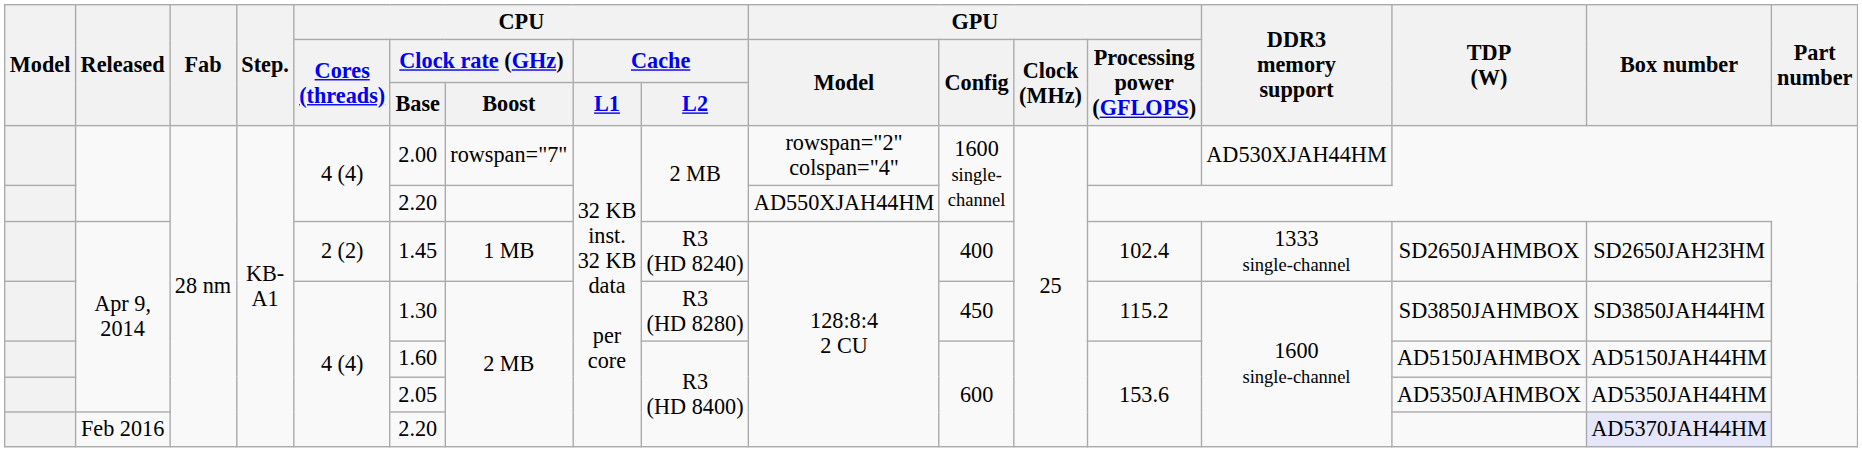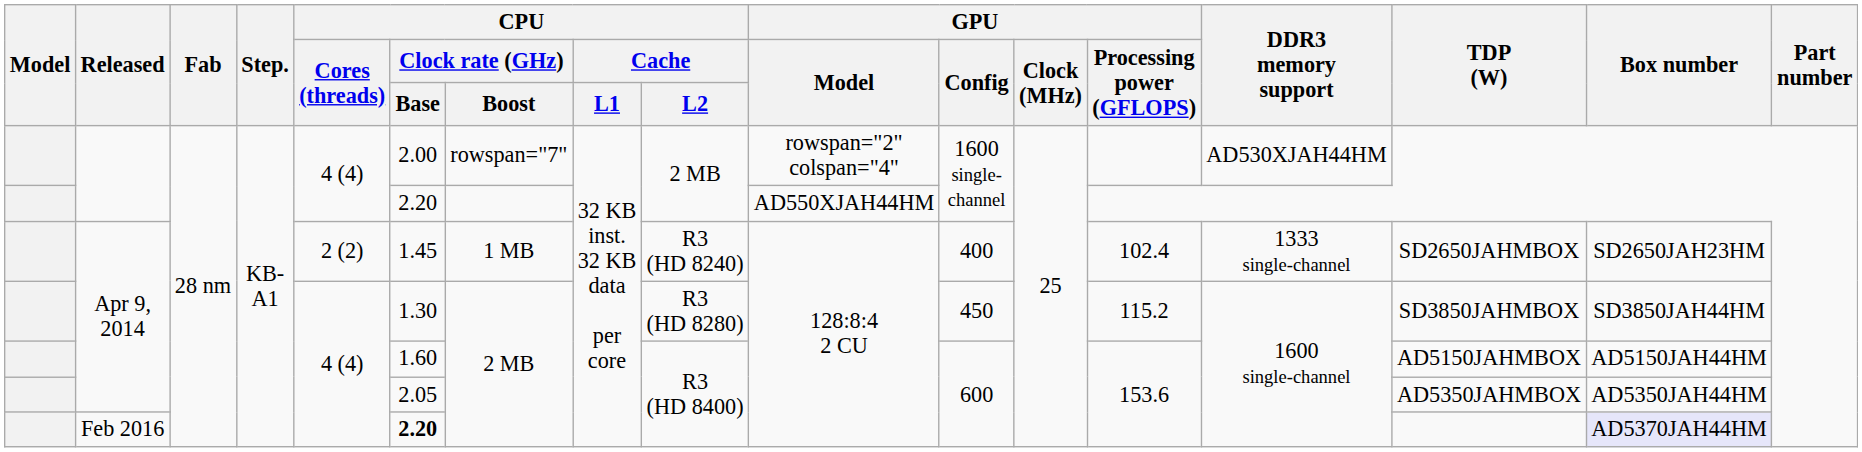 <table class="wikitable" style="text-align:center;">
 <tr>
 <th rowspan="3">Model</th>
 <th rowspan="3">Released</th>
 <th rowspan="3">Fab</th>
 <th rowspan="3">Step.</th>
 <th colspan="5">CPU</th>
 <th colspan="4">GPU</th>
 <th rowspan="3">DDR3<br>memory<br>support</th>
 <th rowspan="3">TDP<br>(W)</th>
 <th rowspan="3">Box number</th>
 <th rowspan="3">Part number</th>
 </tr>
 <tr>
 <th rowspan="2"><a href='#'>Cores</a><br><a href='#'>(threads)</a></th>
 <th colspan="2"><a href='#'>Clock rate</a> (<a href='#'>GHz</a>)</th>
 <th colspan="2"><a href='#'>Cache</a></th>
 <th rowspan="2">Model</th>
 <th rowspan="2">Config</th>
 <th rowspan="2">Clock<br>(MHz)</th>
 <th rowspan="2">Processing<br>power<br>(<a href='#'>GFLOPS</a>)</th>
 </tr>
 <tr>
 <th>Base</th>
 <th>Boost</th>
 <th><a href='#'>L1</a></th>
 <th><a href='#'>L2</a></th>
 </tr>
 <tr>
 <th></th>
 <td rowspan="2"></td>
 <td rowspan="7">28 nm</td>
 <td rowspan="7">KB-A1</td>
 <td rowspan="2">4 (4)</td>
 <td>2.00</td>
 <td>rowspan="7" </td>
 <td rowspan="7">32 KB inst.<br>32 KB data<br><br>per core</td>
 <td rowspan="2">2 MB</td>
 <td>rowspan="2" colspan="4" </td>
 <td rowspan="2">1600<br><small>single-channel</small></td>
 <td rowspan="7">25</td>
 <td></td>
 <td>AD530XJAH44HM</td>
 </tr>
 <tr>
 <th></th>
 <td>2.20</td>
 <td></td>
 <td>AD550XJAH44HM</td>
 </tr>
 <tr>
 <th></th>
 <td rowspan="4">Apr 9, 2014</td>
 <td>2 (2)</td>
 <td>1.45</td>
 <td>1 MB</td>
 <td>R3 (HD 8240)</td>
 <td rowspan="5">128:8:4<br>2 CU</td>
 <td>400</td>
 <td>102.4</td>
 <td>1333<br><small>single-channel</small></td>
 <td>SD2650JAHMBOX</td>
 <td>SD2650JAH23HM</td>
 </tr>
 <tr>
 <th></th>
 <td rowspan="4">4 (4)</td>
 <td>1.30</td>
 <td rowspan="4">2 MB</td>
 <td>R3 (HD 8280)</td>
 <td>450</td>
 <td>115.2</td>
 <td rowspan="4">1600<br><small>single-channel</small></td>
 <td>SD3850JAHMBOX</td>
 <td>SD3850JAH44HM</td>
 </tr>
 <tr>
 <th></th>
 <td>1.60</td>
 <td rowspan="3">R3 (HD 8400)</td>
 <td rowspan="3">600</td>
 <td rowspan="3">153.6</td>
 <td>AD5150JAHMBOX</td>
 <td>AD5150JAH44HM</td>
 </tr>
 <tr>
 <th></th>
 <td>2.05</td>
 <td>AD5350JAHMBOX</td>
 <td>AD5350JAH44HM</td>
 </tr>
 <tr>
 <th></th>
 <td>Feb 2016</td>
-<td>2.20</td>
+<td><strong>2.20</strong></td>
 <td></td>
 <td style="background: lavender;">AD5370JAH44HM</td>
 </tr>
 </table>
